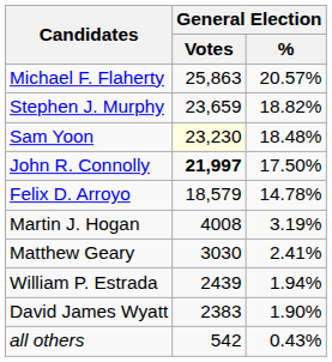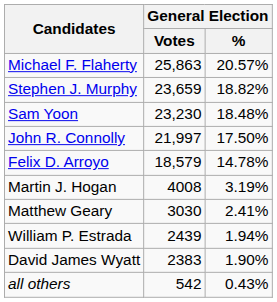 <table class=wikitable>
 <tr>
 <th colspan=1 rowspan=2><strong>Candidates</strong></th>
 <th colspan=2><strong>General Election</strong></th>
 </tr>
 <tr>
 <th>Votes</th>
 <th>%</th>
 </tr>
 <tr>
 <td><a href='#'>Michael F. Flaherty</a></td>
 <td align="right">25,863</td>
 <td align="right">20.57%</td>
 </tr>
 <tr>
 <td><a href='#'>Stephen J. Murphy</a></td>
 <td align="right">23,659</td>
 <td align="right">18.82%</td>
 </tr>
 <tr>
 <td><a href='#'>Sam Yoon</a></td>
-<td align="right" style="background: lightyellow;">23,230</td>
+<td align="right">23,230</td>
 <td align="right">18.48%</td>
 </tr>
 <tr>
 <td><a href='#'>John R. Connolly</a></td>
-<td align="right"><strong>21,997</strong></td>
+<td align="right">21,997</td>
 <td align="right">17.50%</td>
 </tr>
 <tr>
 <td><a href='#'>Felix D. Arroyo</a></td>
 <td align="right">18,579</td>
 <td align="right">14.78%</td>
 </tr>
 <tr>
 <td>Martin J. Hogan</td>
 <td align="right">4008</td>
 <td align="right">3.19%</td>
 </tr>
 <tr>
 <td>Matthew Geary</td>
 <td align="right">3030</td>
 <td align="right">2.41%</td>
 </tr>
 <tr>
 <td>William P. Estrada</td>
 <td align="right">2439</td>
 <td align="right">1.94%</td>
 </tr>
 <tr>
 <td>David James Wyatt</td>
 <td align="right">2383</td>
 <td align="right">1.90%</td>
 </tr>
 <tr>
 <td><em>all others</em></td>
 <td align="right">542</td>
 <td align="right">0.43%</td>
 </tr>
 </table>
